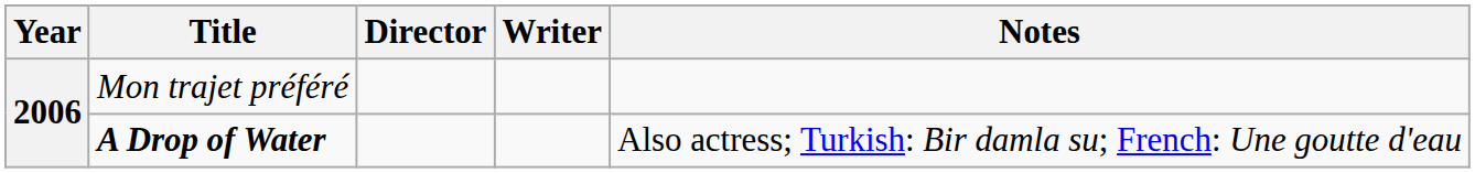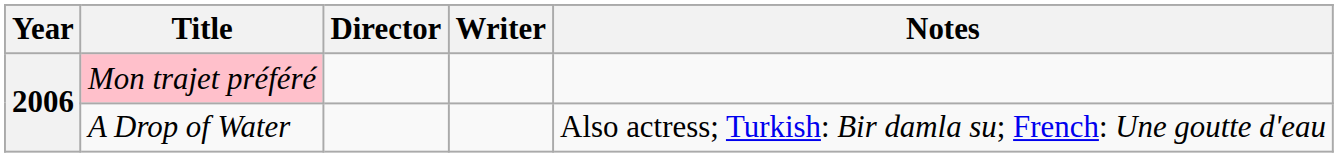 <table class="wikitable plainrowheaders">
 <tr>
 <th scope="col">Year</th>
 <th scope="col">Title</th>
 <th scope="col">Director</th>
 <th scope="col">Writer</th>
 <th scope="col">Notes</th>
 </tr>
 <tr>
 <th rowspan=2 scope=row>2006</th>
-<td><em>Mon trajet préféré</em></td>
+<td style="background: pink;"><em>Mon trajet préféré</em></td>
 <td></td>
 <td></td>
 <td></td>
 </tr>
 <tr>
-<td><strong><em>A Drop of Water</em></strong></td>
+<td><em>A Drop of Water</em></td>
 <td></td>
 <td></td>
 <td>Also actress; <a href='#'>Turkish</a>: <em>Bir damla su</em>; <a href='#'>French</a>: <em>Une goutte d'eau</em></td>
 </tr>
 </table>
